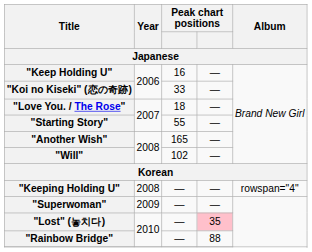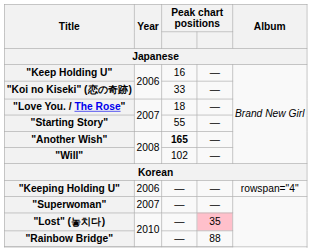 <table class="wikitable plainrowheaders" style="text-align:center;">
 <tr>
 <th scope="col" rowspan="2">Title</th>
 <th scope="col" rowspan="2">Year</th>
 <th colspan="2" scope="col">Peak chart positions</th>
 <th scope="col" rowspan="2">Album</th>
 </tr>
 <tr>
 <th style="width:3em"><br></th>
 <th style="width:3em"><br></th>
 </tr>
 <tr>
 <th colspan="5">Japanese</th>
 </tr>
 <tr>
 <th scope="row">"Keep Holding U" </th>
 <td rowspan="2">2006</td>
 <td>16</td>
 <td>—</td>
 <td rowspan="6"><em>Brand New Girl</em></td>
 </tr>
 <tr>
 <th scope="row">"Koi no Kiseki" (恋の奇跡)</th>
 <td>33</td>
 <td>—</td>
 </tr>
 <tr>
 <th scope="row">"Love You. / <a href='#'>The Rose</a>"</th>
 <td rowspan="2">2007</td>
 <td>18</td>
 <td>—</td>
 </tr>
 <tr>
 <th scope="row">"Starting Story"</th>
 <td>55</td>
 <td>—</td>
 </tr>
 <tr>
 <th scope="row">"Another Wish"</th>
 <td rowspan="2">2008</td>
-<td>165</td>
+<td><strong>165</strong></td>
 <td>—</td>
 </tr>
 <tr>
 <th scope="row">"Will"</th>
 <td>102</td>
 <td>—</td>
 </tr>
 <tr>
 <th colspan="5">Korean</th>
 </tr>
 <tr>
 <th scope="row">"Keeping Holding U" </th>
-<td>2008</td>
+<td>2006</td>
 <td>—</td>
 <td>—</td>
 <td>rowspan="4" </td>
 </tr>
 <tr>
 <th scope="row">"Superwoman"</th>
-<td>2009</td>
+<td>2007</td>
 <td>—</td>
 <td>—</td>
 </tr>
 <tr>
 <th scope="row">"Lost" (놓치다)</th>
 <td rowspan="2">2010</td>
 <td>—</td>
 <td style="background: pink;">35</td>
 </tr>
 <tr>
 <th scope="row">"Rainbow Bridge"</th>
 <td>—</td>
 <td>88</td>
 </tr>
 <tr>
 </tr>
 </table>
